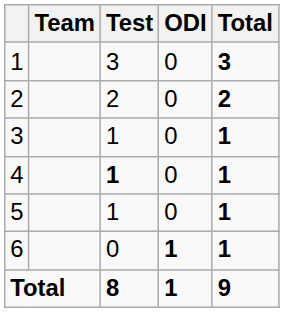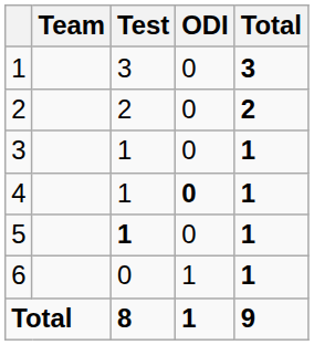 <table class="wikitable sortable">
 <tr>
 <th></th>
 <th>Team</th>
 <th>Test</th>
 <th>ODI</th>
 <th>Total</th>
 </tr>
 <tr>
 <td>1</td>
 <td></td>
 <td>3</td>
 <td>0</td>
 <td><strong>3</strong></td>
 </tr>
 <tr>
 <td>2</td>
 <td></td>
 <td>2</td>
 <td>0</td>
 <td><strong>2</strong></td>
 </tr>
 <tr>
 <td>3</td>
 <td></td>
 <td>1</td>
 <td>0</td>
 <td><strong>1</strong></td>
 </tr>
 <tr>
 <td>4</td>
 <td></td>
-<td><strong>1</strong></td>
-<td>0</td>
+<td>1</td>
+<td><strong>0</strong></td>
 <td><strong>1</strong></td>
 </tr>
 <tr>
 <td>5</td>
 <td></td>
-<td>1</td>
+<td><strong>1</strong></td>
 <td>0</td>
 <td><strong>1</strong></td>
 </tr>
 <tr>
 <td>6</td>
 <td></td>
 <td>0</td>
-<td><strong>1</strong></td>
+<td>1</td>
 <td><strong>1</strong></td>
 </tr>
 <tr>
 <td colspan="2"><strong>Total</strong></td>
 <td><strong>8</strong></td>
 <td><strong>1</strong></td>
 <td><strong>9</strong></td>
 </tr>
 </table>
